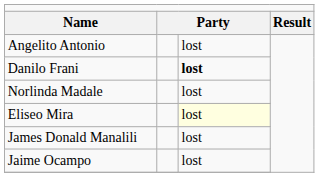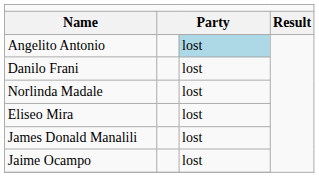 <table class=wikitable style="font-size:90%">
 <tr>
 <td colspan=4 bgcolor=></td>
 </tr>
 <tr>
 <th width=150px>Name</th>
 <th colspan=2 width=110px>Party</th>
 <th>Result</th>
 </tr>
 <tr>
 <td>Angelito Antonio</td>
 <td></td>
-<td>lost</td>
+<td style="background: lightblue;">lost</td>
 </tr>
 <tr>
 <td>Danilo Frani</td>
 <td></td>
-<td><strong>lost</strong></td>
+<td>lost</td>
 </tr>
 <tr>
 <td>Norlinda Madale</td>
 <td></td>
 <td>lost</td>
 </tr>
 <tr>
 <td>Eliseo Mira</td>
 <td></td>
-<td style="background: lightyellow;">lost</td>
+<td>lost</td>
 </tr>
 <tr>
 <td>James Donald Manalili</td>
 <td></td>
 <td>lost</td>
 </tr>
 <tr>
 <td>Jaime Ocampo</td>
 <td></td>
 <td>lost</td>
 </tr>
 <tr>
 </tr>
 </table>
